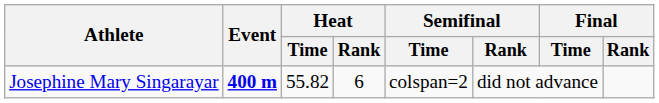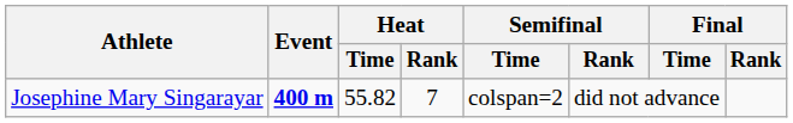 <table class="wikitable" style="font-size:90%">
 <tr>
 <th rowspan=2>Athlete</th>
 <th rowspan=2>Event</th>
 <th colspan=2>Heat</th>
 <th colspan=2>Semifinal</th>
 <th colspan=2>Final</th>
 </tr>
 <tr style="font-size:95%">
 <th>Time</th>
 <th>Rank</th>
 <th>Time</th>
 <th>Rank</th>
 <th>Time</th>
 <th>Rank</th>
 </tr>
 <tr align=center>
 <td align=left><a href='#'>Josephine Mary Singarayar</a></td>
 <td align=left><strong><a href='#'>400 m</a></strong></td>
 <td>55.82</td>
-<td>6</td>
+<td>7</td>
 <td>colspan=2 </td>
 <td colspan=2>did not advance</td>
 </tr>
 </table>
